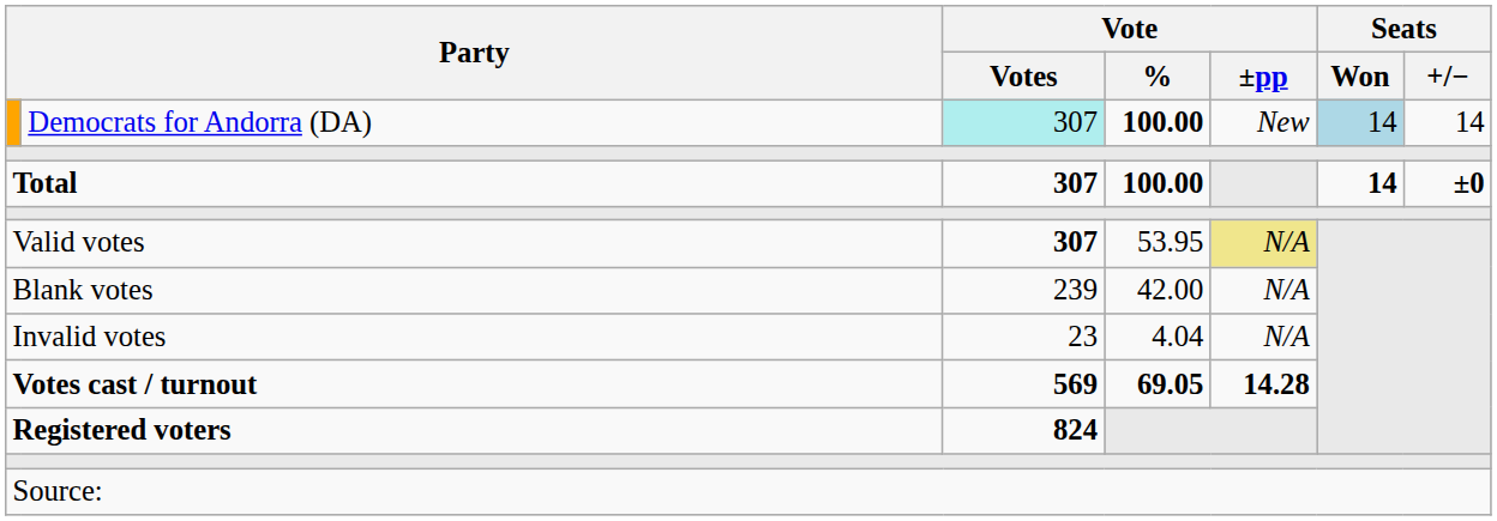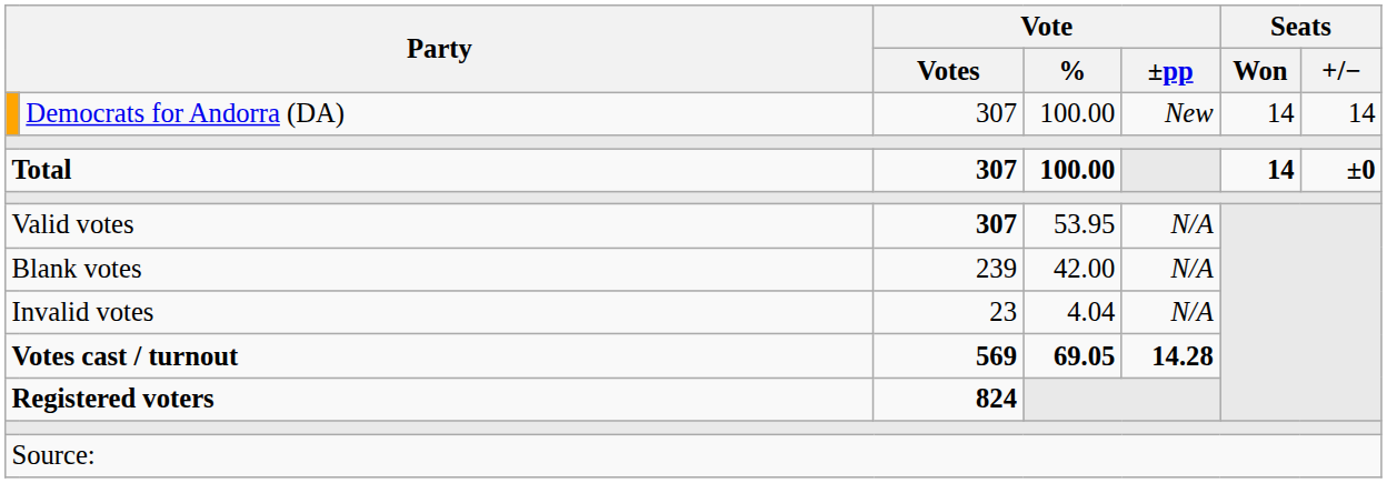 <table class="wikitable" style="text-align:right; font-size:100%; margin-bottom:0">
 <tr>
 <th align="left" rowspan="2" colspan="2" width="500">Party</th>
 <th colspan="3">Vote</th>
 <th colspan="2">Seats</th>
 </tr>
 <tr>
 <th width="80">Votes</th>
 <th width="50">%</th>
 <th width="50">±<a href='#'>pp</a></th>
 <th width="40">Won</th>
 <th width="40">+/−</th>
 </tr>
 <tr>
 <td width="1" bgcolor="orange"></td>
 <td align="left"><a href='#'>Democrats for Andorra</a> (DA)</td>
-<td style="background: paleturquoise;">307</td>
-<td><strong>100.00</strong></td>
+<td>307</td>
+<td>100.00</td>
 <td><em>New</em></td>
-<td style="background: lightblue;">14</td>
+<td>14</td>
 <td>14</td>
 </tr>
 <tr>
 <td colspan="7" bgcolor="#E9E9E9"></td>
 </tr>
 <tr style="font-weight:bold;">
 <td align="left" colspan="2">Total</td>
 <td>307</td>
 <td>100.00</td>
 <td bgcolor="#E9E9E9"></td>
 <td>14</td>
 <td>±0</td>
 </tr>
 <tr>
 <td colspan="7" bgcolor="#E9E9E9"></td>
 </tr>
 <tr>
 <td align="left" colspan="2">Valid votes</td>
 <td><strong>307</strong></td>
 <td>53.95</td>
-<td style="background: khaki;"><em>N/A</em></td>
+<td><em>N/A</em></td>
 <td bgcolor="#E9E9E9" colspan="2" rowspan="5"></td>
 </tr>
 <tr>
 <td align="left" colspan="2">Blank votes</td>
 <td>239</td>
 <td>42.00</td>
 <td><em>N/A</em></td>
 </tr>
 <tr>
 <td align="left" colspan="2">Invalid votes</td>
 <td>23</td>
 <td>4.04</td>
 <td><em>N/A</em></td>
 </tr>
 <tr style="font-weight:bold;">
 <td align="left" colspan="2">Votes cast / turnout</td>
 <td>569</td>
 <td>69.05</td>
 <td>14.28</td>
 </tr>
 <tr style="font-weight:bold;">
 <td align="left" colspan="2">Registered voters</td>
 <td>824</td>
 <td bgcolor="#E9E9E9" colspan="2"></td>
 </tr>
 <tr>
 <td colspan="7" bgcolor="#E9E9E9"></td>
 </tr>
 <tr>
 <td align="left" colspan="7">Source: </td>
 </tr>
 </table>
